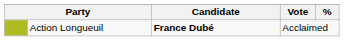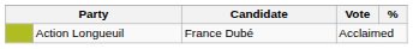 <table class="wikitable">
 <tr>
 </tr>
 <tr>
 <th bgcolor="#DDDDFF" width="230px" colspan="2">Party</th>
 <th bgcolor="#DDDDFF" width="200px">Candidate</th>
 <th bgcolor="#DDDDFF" width="50px">Vote</th>
 <th bgcolor="#DDDDFF" width="30px">%</th>
 </tr>
 <tr>
 <td bgcolor=#AFBD22 width="30px"> </td>
 <td>Action Longueuil</td>
-<td><strong>France Dubé</strong></td>
+<td>France Dubé</td>
 <td colspan="2">Acclaimed</td>
 </tr>
 </table>
